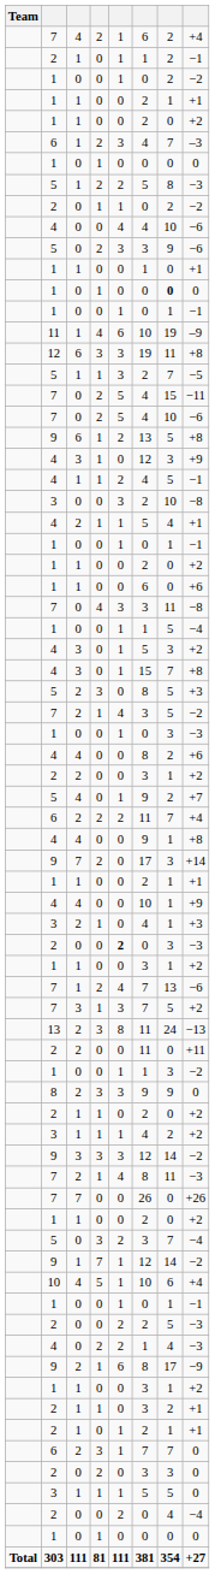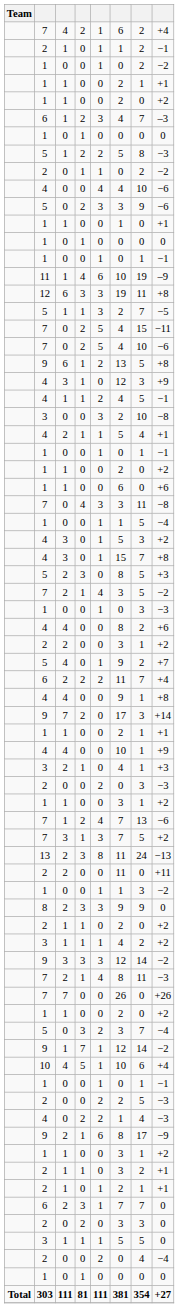 <table class="wikitable sortable" style="text-align: center; font-size: 95%;">
 <tr>
 <th>Team</th>
 <th></th>
 <th></th>
 <th></th>
 <th></th>
 <th></th>
 <th></th>
 <th></th>
 </tr>
 <tr>
 <td style="text-align:left;"></td>
 <td>7</td>
 <td>4</td>
 <td>2</td>
 <td>1</td>
 <td>6</td>
 <td>2</td>
 <td>+4</td>
 </tr>
 <tr>
 <td style="text-align:left;"></td>
 <td>2</td>
 <td>1</td>
 <td>0</td>
 <td>1</td>
 <td>1</td>
 <td>2</td>
 <td>−1</td>
 </tr>
 <tr>
 <td style="text-align:left;"></td>
 <td>1</td>
 <td>0</td>
 <td>0</td>
 <td>1</td>
 <td>0</td>
 <td>2</td>
 <td>−2</td>
 </tr>
 <tr>
 <td style="text-align:left;"></td>
 <td>1</td>
 <td>1</td>
 <td>0</td>
 <td>0</td>
 <td>2</td>
 <td>1</td>
 <td>+1</td>
 </tr>
 <tr>
 <td style="text-align:left;"></td>
 <td>1</td>
 <td>1</td>
 <td>0</td>
 <td>0</td>
 <td>2</td>
 <td>0</td>
 <td>+2</td>
 </tr>
 <tr>
 <td style="text-align:left;"></td>
 <td>6</td>
 <td>1</td>
 <td>2</td>
 <td>3</td>
 <td>4</td>
 <td>7</td>
 <td>–3</td>
 </tr>
 <tr>
 <td style="text-align:left;"></td>
 <td>1</td>
 <td>0</td>
 <td>1</td>
 <td>0</td>
 <td>0</td>
 <td>0</td>
 <td>0</td>
 </tr>
 <tr>
 <td style="text-align:left;"></td>
 <td>5</td>
 <td>1</td>
 <td>2</td>
 <td>2</td>
 <td>5</td>
 <td>8</td>
 <td>−3</td>
 </tr>
 <tr>
 <td style="text-align:left;"></td>
 <td>2</td>
 <td>0</td>
 <td>1</td>
 <td>1</td>
 <td>0</td>
 <td>2</td>
 <td>−2</td>
 </tr>
 <tr>
 <td style="text-align:left;"></td>
 <td>4</td>
 <td>0</td>
 <td>0</td>
 <td>4</td>
 <td>4</td>
 <td>10</td>
 <td>−6</td>
 </tr>
 <tr>
 <td style="text-align:left;"></td>
 <td>5</td>
 <td>0</td>
 <td>2</td>
 <td>3</td>
 <td>3</td>
 <td>9</td>
 <td>−6</td>
 </tr>
 <tr>
 <td style="text-align:left;"></td>
 <td>1</td>
 <td>1</td>
 <td>0</td>
 <td>0</td>
 <td>1</td>
 <td>0</td>
 <td>+1</td>
 </tr>
 <tr>
 <td style="text-align:left;"></td>
 <td>1</td>
 <td>0</td>
 <td>1</td>
 <td>0</td>
 <td>0</td>
-<td><strong>0</strong></td>
+<td>0</td>
 <td>0</td>
 </tr>
 <tr>
 <td style="text-align:left;"></td>
 <td>1</td>
 <td>0</td>
 <td>0</td>
 <td>1</td>
 <td>0</td>
 <td>1</td>
 <td>−1</td>
 </tr>
 <tr>
 <td style="text-align:left;"></td>
 <td>11</td>
 <td>1</td>
 <td>4</td>
 <td>6</td>
 <td>10</td>
 <td>19</td>
 <td>–9</td>
 </tr>
 <tr>
 <td style="text-align:left;"></td>
 <td>12</td>
 <td>6</td>
 <td>3</td>
 <td>3</td>
 <td>19</td>
 <td>11</td>
 <td>+8</td>
 </tr>
 <tr>
 <td style="text-align:left;"></td>
 <td>5</td>
 <td>1</td>
 <td>1</td>
 <td>3</td>
 <td>2</td>
 <td>7</td>
 <td>−5</td>
 </tr>
 <tr>
 <td style="text-align:left;"></td>
 <td>7</td>
 <td>0</td>
 <td>2</td>
 <td>5</td>
 <td>4</td>
 <td>15</td>
 <td>−11</td>
 </tr>
 <tr>
 <td style="text-align:left;"></td>
 <td>7</td>
 <td>0</td>
 <td>2</td>
 <td>5</td>
 <td>4</td>
 <td>10</td>
 <td>−6</td>
 </tr>
 <tr>
 <td style="text-align:left;"></td>
 <td>9</td>
 <td>6</td>
 <td>1</td>
 <td>2</td>
 <td>13</td>
 <td>5</td>
 <td>+8</td>
 </tr>
 <tr>
 <td style="text-align:left;"></td>
 <td>4</td>
 <td>3</td>
 <td>1</td>
 <td>0</td>
 <td>12</td>
 <td>3</td>
 <td>+9</td>
 </tr>
 <tr>
 <td style="text-align:left;"></td>
 <td>4</td>
 <td>1</td>
 <td>1</td>
 <td>2</td>
 <td>4</td>
 <td>5</td>
 <td>−1</td>
 </tr>
 <tr>
 <td style="text-align:left;"></td>
 <td>3</td>
 <td>0</td>
 <td>0</td>
 <td>3</td>
 <td>2</td>
 <td>10</td>
 <td>−8</td>
 </tr>
 <tr>
 <td style="text-align:left;"></td>
 <td>4</td>
 <td>2</td>
 <td>1</td>
 <td>1</td>
 <td>5</td>
 <td>4</td>
 <td>+1</td>
 </tr>
 <tr>
 <td style="text-align:left;"></td>
 <td>1</td>
 <td>0</td>
 <td>0</td>
 <td>1</td>
 <td>0</td>
 <td>1</td>
 <td>−1</td>
 </tr>
 <tr>
 <td style="text-align:left;"></td>
 <td>1</td>
 <td>1</td>
 <td>0</td>
 <td>0</td>
 <td>2</td>
 <td>0</td>
 <td>+2</td>
 </tr>
 <tr>
 <td style="text-align:left;"></td>
 <td>1</td>
 <td>1</td>
 <td>0</td>
 <td>0</td>
 <td>6</td>
 <td>0</td>
 <td>+6</td>
 </tr>
 <tr>
 <td style="text-align:left;"></td>
 <td>7</td>
 <td>0</td>
 <td>4</td>
 <td>3</td>
 <td>3</td>
 <td>11</td>
 <td>−8</td>
 </tr>
 <tr>
 <td style="text-align:left;"></td>
 <td>1</td>
 <td>0</td>
 <td>0</td>
 <td>1</td>
 <td>1</td>
 <td>5</td>
 <td>−4</td>
 </tr>
 <tr>
 <td style="text-align:left;"></td>
 <td>4</td>
 <td>3</td>
 <td>0</td>
 <td>1</td>
 <td>5</td>
 <td>3</td>
 <td>+2</td>
 </tr>
 <tr>
 <td style="text-align:left;"></td>
 <td>4</td>
 <td>3</td>
 <td>0</td>
 <td>1</td>
 <td>15</td>
 <td>7</td>
 <td>+8</td>
 </tr>
 <tr>
 <td style="text-align:left;"></td>
 <td>5</td>
 <td>2</td>
 <td>3</td>
 <td>0</td>
 <td>8</td>
 <td>5</td>
 <td>+3</td>
 </tr>
 <tr>
 <td style="text-align:left;"></td>
 <td>7</td>
 <td>2</td>
 <td>1</td>
 <td>4</td>
 <td>3</td>
 <td>5</td>
 <td>−2</td>
 </tr>
 <tr>
 <td style="text-align:left;"></td>
 <td>1</td>
 <td>0</td>
 <td>0</td>
 <td>1</td>
 <td>0</td>
 <td>3</td>
 <td>−3</td>
 </tr>
 <tr>
 <td style="text-align:left;"></td>
 <td>4</td>
 <td>4</td>
 <td>0</td>
 <td>0</td>
 <td>8</td>
 <td>2</td>
 <td>+6</td>
 </tr>
 <tr>
 <td style="text-align:left;"></td>
 <td>2</td>
 <td>2</td>
 <td>0</td>
 <td>0</td>
 <td>3</td>
 <td>1</td>
 <td>+2</td>
 </tr>
 <tr>
 <td style="text-align:left;"></td>
 <td>5</td>
 <td>4</td>
 <td>0</td>
 <td>1</td>
 <td>9</td>
 <td>2</td>
 <td>+7</td>
 </tr>
 <tr>
 <td style="text-align:left;"></td>
 <td>6</td>
 <td>2</td>
 <td>2</td>
 <td>2</td>
 <td>11</td>
 <td>7</td>
 <td>+4</td>
 </tr>
 <tr>
 <td style="text-align:left;"></td>
 <td>4</td>
 <td>4</td>
 <td>0</td>
 <td>0</td>
 <td>9</td>
 <td>1</td>
 <td>+8</td>
 </tr>
 <tr>
 <td style="text-align:left;"></td>
 <td>9</td>
 <td>7</td>
 <td>2</td>
 <td>0</td>
 <td>17</td>
 <td>3</td>
 <td>+14</td>
 </tr>
 <tr>
 <td style="text-align:left;"></td>
 <td>1</td>
 <td>1</td>
 <td>0</td>
 <td>0</td>
 <td>2</td>
 <td>1</td>
 <td>+1</td>
 </tr>
 <tr>
 <td style="text-align:left;"></td>
 <td>4</td>
 <td>4</td>
 <td>0</td>
 <td>0</td>
 <td>10</td>
 <td>1</td>
 <td>+9</td>
 </tr>
 <tr>
 <td style="text-align:left;"></td>
 <td>3</td>
 <td>2</td>
 <td>1</td>
 <td>0</td>
 <td>4</td>
 <td>1</td>
 <td>+3</td>
 </tr>
 <tr>
 <td style="text-align:left;"></td>
 <td>2</td>
 <td>0</td>
 <td>0</td>
-<td><strong>2</strong></td>
+<td>2</td>
 <td>0</td>
 <td>3</td>
 <td>−3</td>
 </tr>
 <tr>
 <td style="text-align:left;"></td>
 <td>1</td>
 <td>1</td>
 <td>0</td>
 <td>0</td>
 <td>3</td>
 <td>1</td>
 <td>+2</td>
 </tr>
 <tr>
 <td style="text-align:left;"></td>
 <td>7</td>
 <td>1</td>
 <td>2</td>
 <td>4</td>
 <td>7</td>
 <td>13</td>
 <td>−6</td>
 </tr>
 <tr>
 <td style="text-align:left;"></td>
 <td>7</td>
 <td>3</td>
 <td>1</td>
 <td>3</td>
 <td>7</td>
 <td>5</td>
 <td>+2</td>
 </tr>
 <tr>
 <td style="text-align:left;"></td>
 <td>13</td>
 <td>2</td>
 <td>3</td>
 <td>8</td>
 <td>11</td>
 <td>24</td>
 <td>−13</td>
 </tr>
 <tr>
 <td style="text-align:left;"></td>
 <td>2</td>
 <td>2</td>
 <td>0</td>
 <td>0</td>
 <td>11</td>
 <td>0</td>
 <td>+11</td>
 </tr>
 <tr>
 <td style="text-align:left;"></td>
 <td>1</td>
 <td>0</td>
 <td>0</td>
 <td>1</td>
 <td>1</td>
 <td>3</td>
 <td>−2</td>
 </tr>
 <tr>
 <td style="text-align:left;"></td>
 <td>8</td>
 <td>2</td>
 <td>3</td>
 <td>3</td>
 <td>9</td>
 <td>9</td>
 <td>0</td>
 </tr>
 <tr>
 <td style="text-align:left;"></td>
 <td>2</td>
 <td>1</td>
 <td>1</td>
 <td>0</td>
 <td>2</td>
 <td>0</td>
 <td>+2</td>
 </tr>
 <tr>
 <td style="text-align:left;"></td>
 <td>3</td>
 <td>1</td>
 <td>1</td>
 <td>1</td>
 <td>4</td>
 <td>2</td>
 <td>+2</td>
 </tr>
 <tr>
 <td style="text-align:left;"></td>
 <td>9</td>
 <td>3</td>
 <td>3</td>
 <td>3</td>
 <td>12</td>
 <td>14</td>
 <td>−2</td>
 </tr>
 <tr>
 <td style="text-align:left;"></td>
 <td>7</td>
 <td>2</td>
 <td>1</td>
 <td>4</td>
 <td>8</td>
 <td>11</td>
 <td>−3</td>
 </tr>
 <tr>
 <td style="text-align:left;"></td>
 <td>7</td>
 <td>7</td>
 <td>0</td>
 <td>0</td>
 <td>26</td>
 <td>0</td>
 <td>+26</td>
 </tr>
 <tr>
 <td style="text-align:left;"></td>
 <td>1</td>
 <td>1</td>
 <td>0</td>
 <td>0</td>
 <td>2</td>
 <td>0</td>
 <td>+2</td>
 </tr>
 <tr>
 <td style="text-align:left;"></td>
 <td>5</td>
 <td>0</td>
 <td>3</td>
 <td>2</td>
 <td>3</td>
 <td>7</td>
 <td>−4</td>
 </tr>
 <tr>
 <td style="text-align:left;"></td>
 <td>9</td>
 <td>1</td>
 <td>7</td>
 <td>1</td>
 <td>12</td>
 <td>14</td>
 <td>−2</td>
 </tr>
 <tr>
 <td style="text-align:left;"></td>
 <td>10</td>
 <td>4</td>
 <td>5</td>
 <td>1</td>
 <td>10</td>
 <td>6</td>
 <td>+4</td>
 </tr>
 <tr>
 <td style="text-align:left;"></td>
 <td>1</td>
 <td>0</td>
 <td>0</td>
 <td>1</td>
 <td>0</td>
 <td>1</td>
 <td>−1</td>
 </tr>
 <tr>
 <td style="text-align:left;"></td>
 <td>2</td>
 <td>0</td>
 <td>0</td>
 <td>2</td>
 <td>2</td>
 <td>5</td>
 <td>−3</td>
 </tr>
 <tr>
 <td style="text-align:left;"></td>
 <td>4</td>
 <td>0</td>
 <td>2</td>
 <td>2</td>
 <td>1</td>
 <td>4</td>
 <td>−3</td>
 </tr>
 <tr>
 <td style="text-align:left;"></td>
 <td>9</td>
 <td>2</td>
 <td>1</td>
 <td>6</td>
 <td>8</td>
 <td>17</td>
 <td>−9</td>
 </tr>
 <tr>
 <td style="text-align:left;"></td>
 <td>1</td>
 <td>1</td>
 <td>0</td>
 <td>0</td>
 <td>3</td>
 <td>1</td>
 <td>+2</td>
 </tr>
 <tr>
 <td style="text-align:left;"></td>
 <td>2</td>
 <td>1</td>
 <td>1</td>
 <td>0</td>
 <td>3</td>
 <td>2</td>
 <td>+1</td>
 </tr>
 <tr>
 <td style="text-align:left;"></td>
 <td>2</td>
 <td>1</td>
 <td>0</td>
 <td>1</td>
 <td>2</td>
 <td>1</td>
 <td>+1</td>
 </tr>
 <tr>
 <td style="text-align:left;"></td>
 <td>6</td>
 <td>2</td>
 <td>3</td>
 <td>1</td>
 <td>7</td>
 <td>7</td>
 <td>0</td>
 </tr>
 <tr>
 <td style="text-align:left;"></td>
 <td>2</td>
 <td>0</td>
 <td>2</td>
 <td>0</td>
 <td>3</td>
 <td>3</td>
 <td>0</td>
 </tr>
 <tr>
 <td style="text-align:left;"></td>
 <td>3</td>
 <td>1</td>
 <td>1</td>
 <td>1</td>
 <td>5</td>
 <td>5</td>
 <td>0</td>
 </tr>
 <tr>
 <td style="text-align:left;"></td>
 <td>2</td>
 <td>0</td>
 <td>0</td>
 <td>2</td>
 <td>0</td>
 <td>4</td>
 <td>−4</td>
 </tr>
 <tr>
 <td style="text-align:left;"></td>
 <td>1</td>
 <td>0</td>
 <td>1</td>
 <td>0</td>
 <td>0</td>
 <td>0</td>
 <td>0</td>
 </tr>
 <tr class=sortbottom>
 <td><strong>Total</strong></td>
 <td><strong>303</strong></td>
 <td><strong>111</strong></td>
 <td><strong>81</strong></td>
 <td><strong>111</strong></td>
 <td><strong>381</strong></td>
 <td><strong>354</strong></td>
 <td><strong>+27</strong></td>
 </tr>
 <tr>
 </tr>
 </table>
